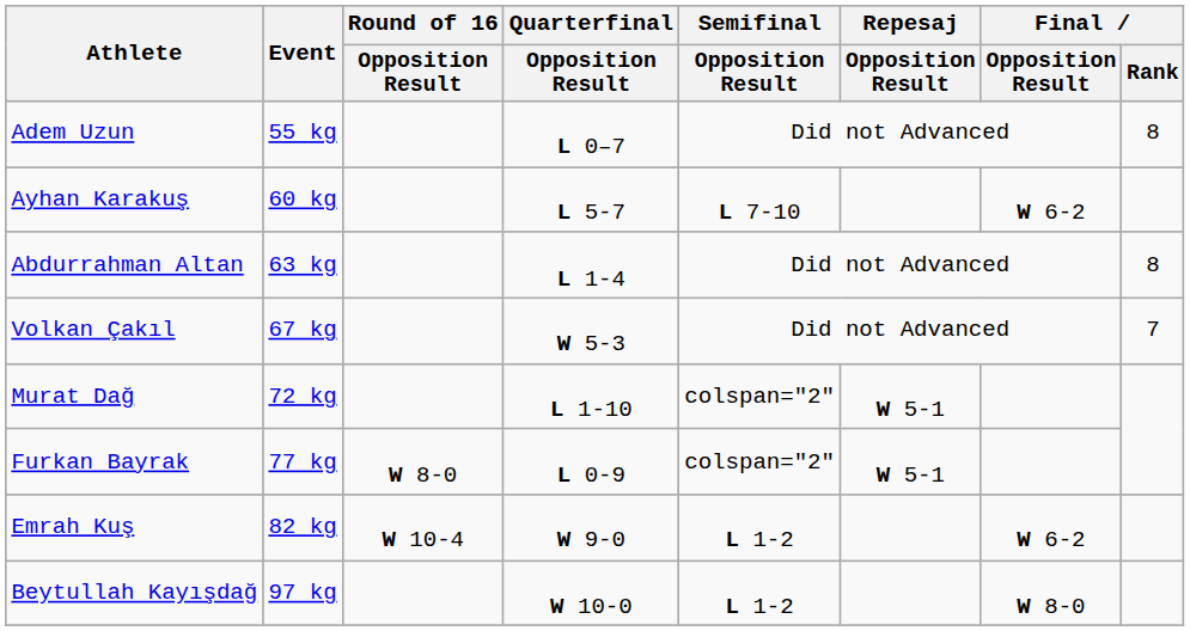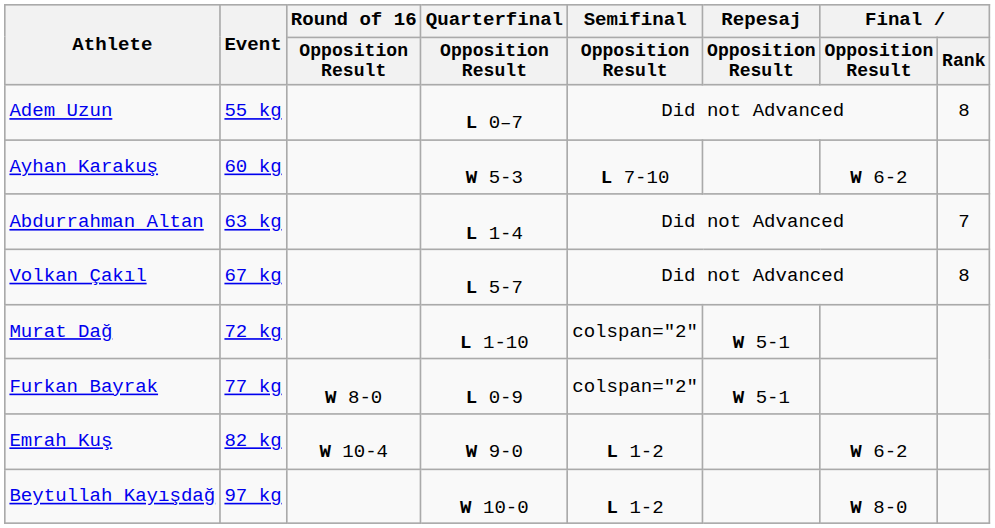 <table class=wikitable style=font-size:90%;text-align:center>
 <tr>
 <th rowspan=2>Athlete</th>
 <th rowspan=2>Event</th>
 <th>Round of 16</th>
 <th>Quarterfinal</th>
 <th>Semifinal</th>
 <th>Repesaj</th>
 <th colspan=2>Final / </th>
 </tr>
 <tr style=font-size:95%>
 <th>Opposition<br>Result</th>
 <th>Opposition<br>Result</th>
 <th>Opposition<br>Result</th>
 <th>Opposition<br>Result</th>
 <th>Opposition<br>Result</th>
 <th>Rank</th>
 </tr>
 <tr>
 <td align=left><a href='#'>Adem Uzun</a></td>
 <td align=left><a href='#'>55 kg</a></td>
 <td></td>
 <td><br><strong>L</strong> 0–7</td>
 <td colspan=3>Did not Advanced</td>
 <td>8</td>
 </tr>
 <tr>
 <td align=left><a href='#'>Ayhan Karakuş</a></td>
 <td align=left><a href='#'>60 kg</a></td>
 <td></td>
-<td><br><strong>L</strong> 5-7</td>
+<td><br><strong>W</strong> 5-3</td>
 <td><br><strong>L</strong> 7-10</td>
 <td></td>
 <td><br><strong>W</strong> 6-2</td>
 <td></td>
 </tr>
 <tr>
 <td align=left><a href='#'>Abdurrahman Altan</a></td>
 <td align=left><a href='#'>63 kg</a></td>
 <td></td>
 <td><br><strong>L</strong> 1-4</td>
 <td colspan=3>Did not Advanced</td>
-<td>8</td>
+<td>7</td>
 </tr>
 <tr>
 <td align=left><a href='#'>Volkan Çakıl</a></td>
 <td align=left><a href='#'>67 kg</a></td>
 <td></td>
-<td><br><strong>W</strong> 5-3</td>
+<td><br><strong>L</strong> 5-7</td>
 <td colspan=3>Did not Advanced</td>
-<td>7</td>
+<td>8</td>
 </tr>
 <tr>
 <td align=left><a href='#'>Murat Dağ</a></td>
 <td align=left><a href='#'>72 kg</a></td>
 <td></td>
 <td><br><strong>L</strong> 1-10</td>
 <td>colspan="2" </td>
 <td><br><strong>W</strong> 5-1</td>
 <td></td>
 </tr>
 <tr>
 <td align=left><a href='#'>Furkan Bayrak</a></td>
 <td align=left><a href='#'>77 kg</a></td>
 <td><br><strong>W</strong> 8-0</td>
 <td><br><strong>L</strong> 0-9</td>
 <td>colspan="2" </td>
 <td><br><strong>W</strong> 5-1</td>
 <td></td>
 </tr>
 <tr>
 <td align=left><a href='#'>Emrah Kuş</a></td>
 <td align=left><a href='#'>82 kg</a></td>
 <td><br><strong>W</strong> 10-4</td>
 <td><br><strong>W</strong> 9-0</td>
 <td><br><strong>L</strong> 1-2</td>
 <td></td>
 <td><br><strong>W</strong> 6-2</td>
 <td></td>
 </tr>
 <tr>
 <td align=left><a href='#'>Beytullah Kayışdağ</a></td>
 <td align=left><a href='#'>97 kg</a></td>
 <td></td>
 <td><br><strong>W</strong> 10-0</td>
 <td><br><strong>L</strong> 1-2</td>
 <td></td>
 <td><br><strong>W</strong> 8-0</td>
 <td></td>
 </tr>
 </table>
